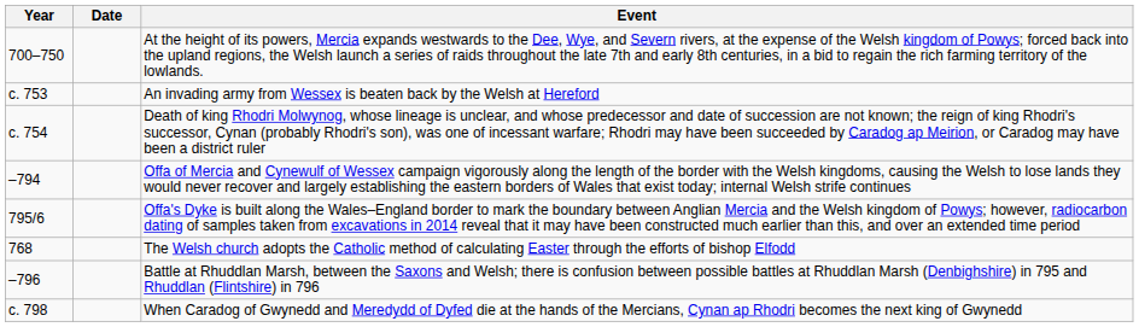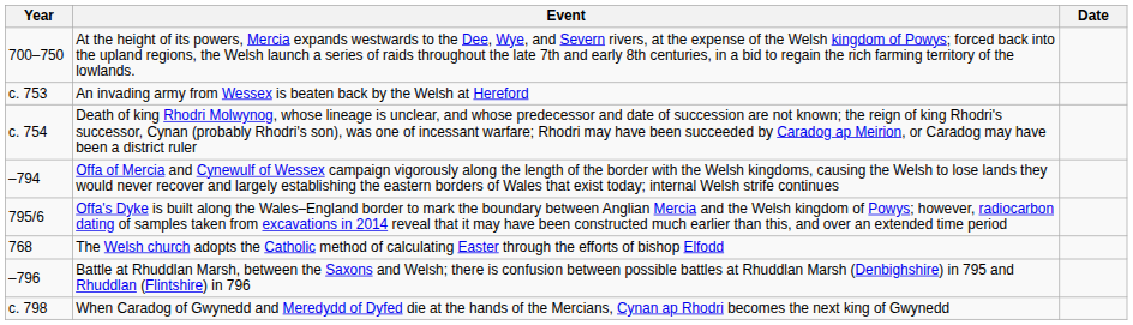 <table class="wikitable" width="100%">
 <tr>
 <th style="width:6%">Year</th>
+<th>Event</th>
 <th style="width:6%">Date</th>
-<th>Event</th>
 </tr>
 <tr>
 <td>700–750</td>
+<td>At the height of its powers, <a href='#'>Mercia</a> expands westwards to the <a href='#'>Dee</a>, <a href='#'>Wye</a>, and <a href='#'>Severn</a> rivers, at the expense of the Welsh <a href='#'>kingdom of Powys</a>; forced back into the upland regions, the Welsh launch a series of raids throughout the late 7th and early 8th centuries, in a bid to regain the rich farming territory of the lowlands.</td>
 <td></td>
-<td>At the height of its powers, <a href='#'>Mercia</a> expands westwards to the <a href='#'>Dee</a>, <a href='#'>Wye</a>, and <a href='#'>Severn</a> rivers, at the expense of the Welsh <a href='#'>kingdom of Powys</a>; forced back into the upland regions, the Welsh launch a series of raids throughout the late 7th and early 8th centuries, in a bid to regain the rich farming territory of the lowlands.</td>
 </tr>
 <tr>
 <td>c. 753</td>
+<td>An invading army from <a href='#'>Wessex</a> is beaten back by the Welsh at <a href='#'>Hereford</a></td>
 <td></td>
-<td>An invading army from <a href='#'>Wessex</a> is beaten back by the Welsh at <a href='#'>Hereford</a></td>
 </tr>
 <tr>
 <td>c. 754</td>
+<td>Death of king <a href='#'>Rhodri Molwynog</a>, whose lineage is unclear, and whose predecessor and date of succession are not known; the reign of king Rhodri's successor, Cynan (probably Rhodri's son), was one of incessant warfare; Rhodri may have been succeeded by <a href='#'>Caradog ap Meirion</a>, or Caradog may have been a district ruler</td>
 <td></td>
-<td>Death of king <a href='#'>Rhodri Molwynog</a>, whose lineage is unclear, and whose predecessor and date of succession are not known; the reign of king Rhodri's successor, Cynan (probably Rhodri's son), was one of incessant warfare; Rhodri may have been succeeded by <a href='#'>Caradog ap Meirion</a>, or Caradog may have been a district ruler</td>
 </tr>
 <tr>
 <td>–794</td>
+<td><a href='#'>Offa of Mercia</a> and <a href='#'>Cynewulf of Wessex</a> campaign vigorously along the length of the border with the Welsh kingdoms, causing the Welsh to lose lands they would never recover and largely establishing the eastern borders of Wales that exist today; internal Welsh strife continues</td>
 <td></td>
-<td><a href='#'>Offa of Mercia</a> and <a href='#'>Cynewulf of Wessex</a> campaign vigorously along the length of the border with the Welsh kingdoms, causing the Welsh to lose lands they would never recover and largely establishing the eastern borders of Wales that exist today; internal Welsh strife continues</td>
 </tr>
 <tr>
 <td>795/6</td>
+<td><a href='#'>Offa's Dyke</a> is built along the Wales–England border to mark the boundary between Anglian <a href='#'>Mercia</a> and the Welsh kingdom of <a href='#'>Powys</a>; however, <a href='#'>radiocarbon dating</a> of samples taken from <a href='#'>excavations in 2014</a> reveal that it may have been constructed much earlier than this, and over an extended time period</td>
 <td></td>
-<td><a href='#'>Offa's Dyke</a> is built along the Wales–England border to mark the boundary between Anglian <a href='#'>Mercia</a> and the Welsh kingdom of <a href='#'>Powys</a>; however, <a href='#'>radiocarbon dating</a> of samples taken from <a href='#'>excavations in 2014</a> reveal that it may have been constructed much earlier than this, and over an extended time period</td>
 </tr>
 <tr>
 <td>768</td>
+<td>The <a href='#'>Welsh church</a> adopts the <a href='#'>Catholic</a> method of calculating <a href='#'>Easter</a> through the efforts of bishop <a href='#'>Elfodd</a></td>
 <td></td>
-<td>The <a href='#'>Welsh church</a> adopts the <a href='#'>Catholic</a> method of calculating <a href='#'>Easter</a> through the efforts of bishop <a href='#'>Elfodd</a></td>
 </tr>
 <tr>
 <td>–796</td>
+<td>Battle at Rhuddlan Marsh, between the <a href='#'>Saxons</a> and Welsh; there is confusion between possible battles at Rhuddlan Marsh (<a href='#'>Denbighshire</a>) in 795 and <a href='#'>Rhuddlan</a> (<a href='#'>Flintshire</a>) in 796</td>
 <td></td>
-<td>Battle at Rhuddlan Marsh, between the <a href='#'>Saxons</a> and Welsh; there is confusion between possible battles at Rhuddlan Marsh (<a href='#'>Denbighshire</a>) in 795 and <a href='#'>Rhuddlan</a> (<a href='#'>Flintshire</a>) in 796</td>
 </tr>
 <tr>
 <td>c. 798</td>
+<td>When Caradog of Gwynedd and <a href='#'>Meredydd of Dyfed</a> die at the hands of the Mercians, <a href='#'>Cynan ap Rhodri</a> becomes the next king of Gwynedd</td>
 <td></td>
-<td>When Caradog of Gwynedd and <a href='#'>Meredydd of Dyfed</a> die at the hands of the Mercians, <a href='#'>Cynan ap Rhodri</a> becomes the next king of Gwynedd</td>
 </tr>
 </table>
